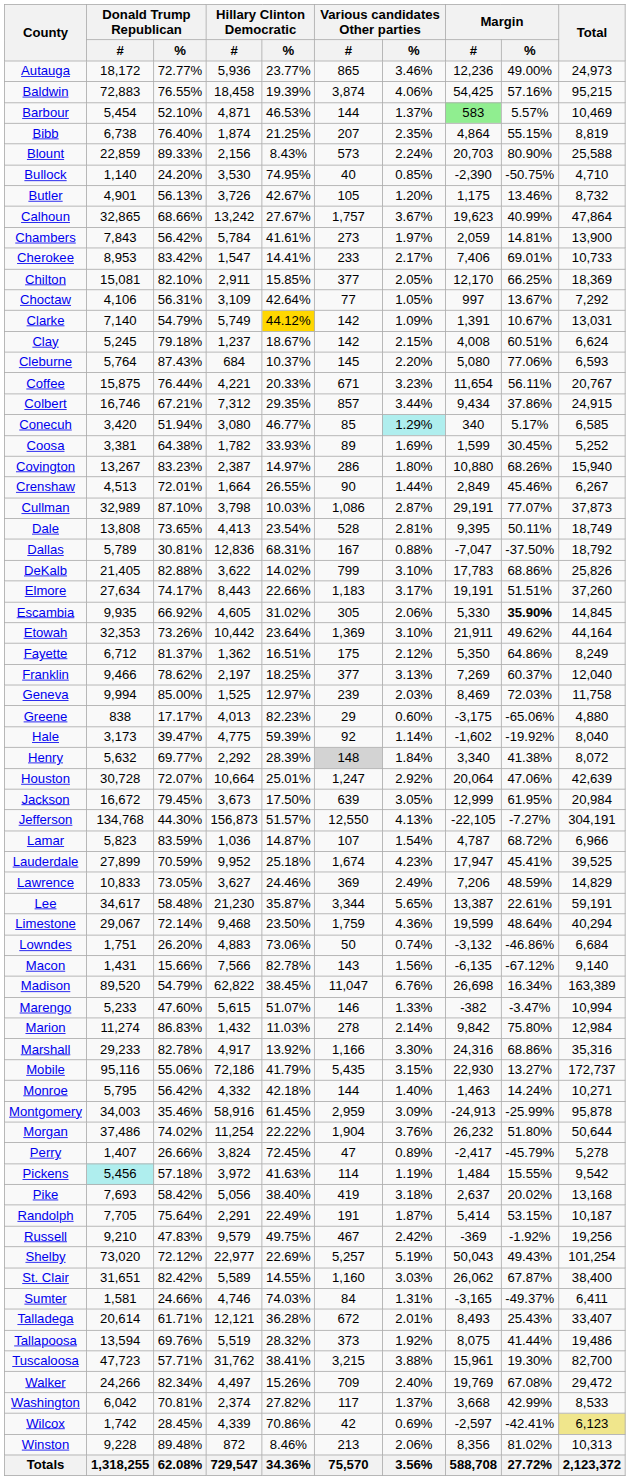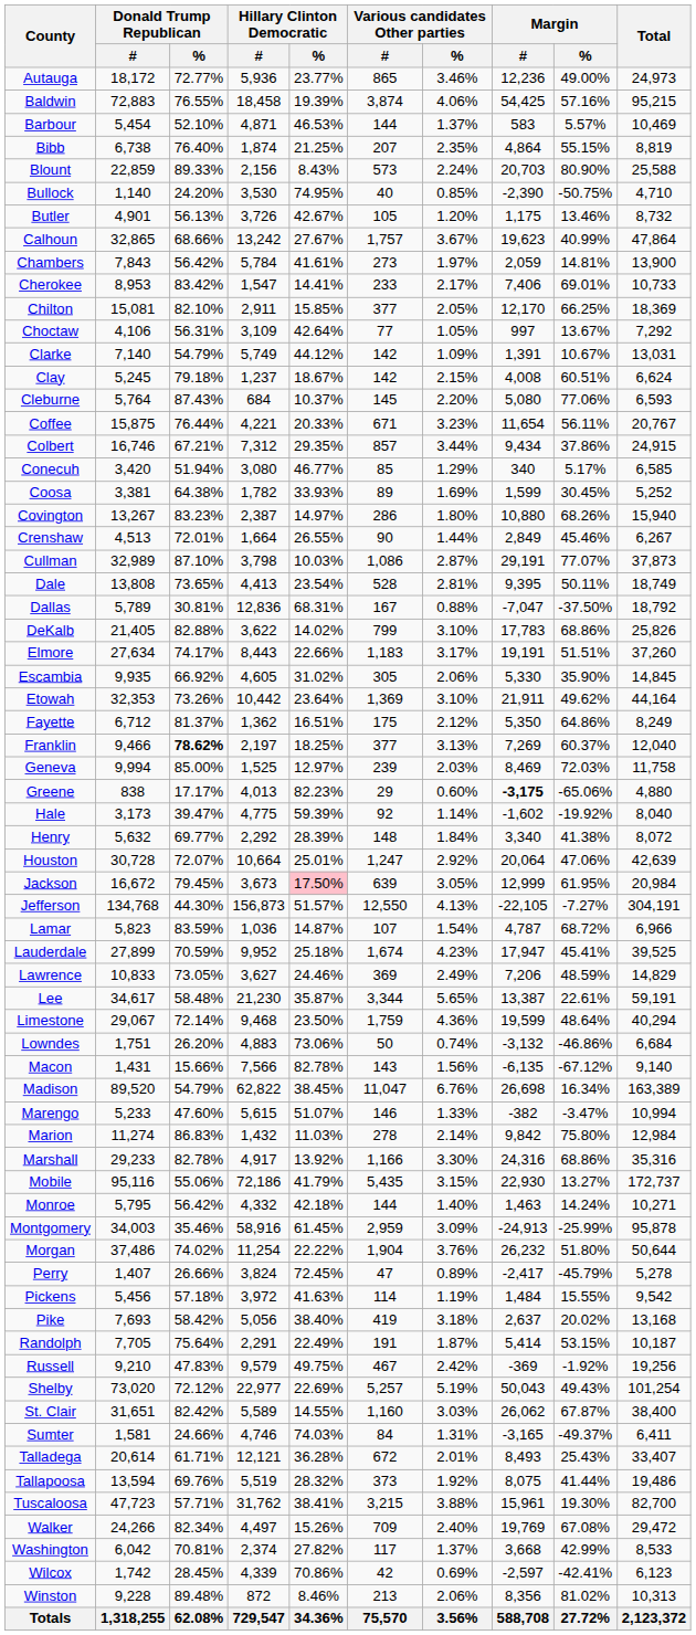 <table width="60%" class="wikitable sortable">
 <tr>
 <th rowspan="2">County</th>
 <th colspan="2">Donald Trump<br>Republican</th>
 <th colspan="2">Hillary Clinton<br>Democratic</th>
 <th colspan="2">Various candidates<br>Other parties</th>
 <th colspan="2">Margin</th>
 <th rowspan="2">Total</th>
 </tr>
 <tr>
 <th style="text-align:center;" data-sort-type="number">#</th>
 <th style="text-align:center;" data-sort-type="number">%</th>
 <th style="text-align:center;" data-sort-type="number">#</th>
 <th style="text-align:center;" data-sort-type="number">%</th>
 <th style="text-align:center;" data-sort-type="number">#</th>
 <th style="text-align:center;" data-sort-type="number">%</th>
 <th style="text-align:center;" data-sort-type="number">#</th>
 <th style="text-align:center;" data-sort-type="number">%</th>
 </tr>
 <tr style="text-align:center;">
 <td><a href='#'>Autauga</a></td>
 <td>18,172</td>
 <td>72.77%</td>
 <td>5,936</td>
 <td>23.77%</td>
 <td>865</td>
 <td>3.46%</td>
 <td>12,236</td>
 <td>49.00%</td>
 <td>24,973</td>
 </tr>
 <tr style="text-align:center;">
 <td><a href='#'>Baldwin</a></td>
 <td>72,883</td>
 <td>76.55%</td>
 <td>18,458</td>
 <td>19.39%</td>
 <td>3,874</td>
 <td>4.06%</td>
 <td>54,425</td>
 <td>57.16%</td>
 <td>95,215</td>
 </tr>
 <tr style="text-align:center;">
 <td><a href='#'>Barbour</a></td>
 <td>5,454</td>
 <td>52.10%</td>
 <td>4,871</td>
 <td>46.53%</td>
 <td>144</td>
 <td>1.37%</td>
-<td style="background: lightgreen;">583</td>
+<td>583</td>
 <td>5.57%</td>
 <td>10,469</td>
 </tr>
 <tr style="text-align:center;">
 <td><a href='#'>Bibb</a></td>
 <td>6,738</td>
 <td>76.40%</td>
 <td>1,874</td>
 <td>21.25%</td>
 <td>207</td>
 <td>2.35%</td>
 <td>4,864</td>
 <td>55.15%</td>
 <td>8,819</td>
 </tr>
 <tr style="text-align:center;">
 <td><a href='#'>Blount</a></td>
 <td>22,859</td>
 <td>89.33%</td>
 <td>2,156</td>
 <td>8.43%</td>
 <td>573</td>
 <td>2.24%</td>
 <td>20,703</td>
 <td>80.90%</td>
 <td>25,588</td>
 </tr>
 <tr style="text-align:center;">
 <td><a href='#'>Bullock</a></td>
 <td>1,140</td>
 <td>24.20%</td>
 <td>3,530</td>
 <td>74.95%</td>
 <td>40</td>
 <td>0.85%</td>
 <td>-2,390</td>
 <td>-50.75%</td>
 <td>4,710</td>
 </tr>
 <tr style="text-align:center;">
 <td><a href='#'>Butler</a></td>
 <td>4,901</td>
 <td>56.13%</td>
 <td>3,726</td>
 <td>42.67%</td>
 <td>105</td>
 <td>1.20%</td>
 <td>1,175</td>
 <td>13.46%</td>
 <td>8,732</td>
 </tr>
 <tr style="text-align:center;">
 <td><a href='#'>Calhoun</a></td>
 <td>32,865</td>
 <td>68.66%</td>
 <td>13,242</td>
 <td>27.67%</td>
 <td>1,757</td>
 <td>3.67%</td>
 <td>19,623</td>
 <td>40.99%</td>
 <td>47,864</td>
 </tr>
 <tr style="text-align:center;">
 <td><a href='#'>Chambers</a></td>
 <td>7,843</td>
 <td>56.42%</td>
 <td>5,784</td>
 <td>41.61%</td>
 <td>273</td>
 <td>1.97%</td>
 <td>2,059</td>
 <td>14.81%</td>
 <td>13,900</td>
 </tr>
 <tr style="text-align:center;">
 <td><a href='#'>Cherokee</a></td>
 <td>8,953</td>
 <td>83.42%</td>
 <td>1,547</td>
 <td>14.41%</td>
 <td>233</td>
 <td>2.17%</td>
 <td>7,406</td>
 <td>69.01%</td>
 <td>10,733</td>
 </tr>
 <tr style="text-align:center;">
 <td><a href='#'>Chilton</a></td>
 <td>15,081</td>
 <td>82.10%</td>
 <td>2,911</td>
 <td>15.85%</td>
 <td>377</td>
 <td>2.05%</td>
 <td>12,170</td>
 <td>66.25%</td>
 <td>18,369</td>
 </tr>
 <tr style="text-align:center;">
 <td><a href='#'>Choctaw</a></td>
 <td>4,106</td>
 <td>56.31%</td>
 <td>3,109</td>
 <td>42.64%</td>
 <td>77</td>
 <td>1.05%</td>
 <td>997</td>
 <td>13.67%</td>
 <td>7,292</td>
 </tr>
 <tr style="text-align:center;">
 <td><a href='#'>Clarke</a></td>
 <td>7,140</td>
 <td>54.79%</td>
 <td>5,749</td>
-<td style="background: gold;">44.12%</td>
+<td>44.12%</td>
 <td>142</td>
 <td>1.09%</td>
 <td>1,391</td>
 <td>10.67%</td>
 <td>13,031</td>
 </tr>
 <tr style="text-align:center;">
 <td><a href='#'>Clay</a></td>
 <td>5,245</td>
 <td>79.18%</td>
 <td>1,237</td>
 <td>18.67%</td>
 <td>142</td>
 <td>2.15%</td>
 <td>4,008</td>
 <td>60.51%</td>
 <td>6,624</td>
 </tr>
 <tr style="text-align:center;">
 <td><a href='#'>Cleburne</a></td>
 <td>5,764</td>
 <td>87.43%</td>
 <td>684</td>
 <td>10.37%</td>
 <td>145</td>
 <td>2.20%</td>
 <td>5,080</td>
 <td>77.06%</td>
 <td>6,593</td>
 </tr>
 <tr style="text-align:center;">
 <td><a href='#'>Coffee</a></td>
 <td>15,875</td>
 <td>76.44%</td>
 <td>4,221</td>
 <td>20.33%</td>
 <td>671</td>
 <td>3.23%</td>
 <td>11,654</td>
 <td>56.11%</td>
 <td>20,767</td>
 </tr>
 <tr style="text-align:center;">
 <td><a href='#'>Colbert</a></td>
 <td>16,746</td>
 <td>67.21%</td>
 <td>7,312</td>
 <td>29.35%</td>
 <td>857</td>
 <td>3.44%</td>
 <td>9,434</td>
 <td>37.86%</td>
 <td>24,915</td>
 </tr>
 <tr style="text-align:center;">
 <td><a href='#'>Conecuh</a></td>
 <td>3,420</td>
 <td>51.94%</td>
 <td>3,080</td>
 <td>46.77%</td>
 <td>85</td>
-<td style="background: paleturquoise;">1.29%</td>
+<td>1.29%</td>
 <td>340</td>
 <td>5.17%</td>
 <td>6,585</td>
 </tr>
 <tr style="text-align:center;">
 <td><a href='#'>Coosa</a></td>
 <td>3,381</td>
 <td>64.38%</td>
 <td>1,782</td>
 <td>33.93%</td>
 <td>89</td>
 <td>1.69%</td>
 <td>1,599</td>
 <td>30.45%</td>
 <td>5,252</td>
 </tr>
 <tr style="text-align:center;">
 <td><a href='#'>Covington</a></td>
 <td>13,267</td>
 <td>83.23%</td>
 <td>2,387</td>
 <td>14.97%</td>
 <td>286</td>
 <td>1.80%</td>
 <td>10,880</td>
 <td>68.26%</td>
 <td>15,940</td>
 </tr>
 <tr style="text-align:center;">
 <td><a href='#'>Crenshaw</a></td>
 <td>4,513</td>
 <td>72.01%</td>
 <td>1,664</td>
 <td>26.55%</td>
 <td>90</td>
 <td>1.44%</td>
 <td>2,849</td>
 <td>45.46%</td>
 <td>6,267</td>
 </tr>
 <tr style="text-align:center;">
 <td><a href='#'>Cullman</a></td>
 <td>32,989</td>
 <td>87.10%</td>
 <td>3,798</td>
 <td>10.03%</td>
 <td>1,086</td>
 <td>2.87%</td>
 <td>29,191</td>
 <td>77.07%</td>
 <td>37,873</td>
 </tr>
 <tr style="text-align:center;">
 <td><a href='#'>Dale</a></td>
 <td>13,808</td>
 <td>73.65%</td>
 <td>4,413</td>
 <td>23.54%</td>
 <td>528</td>
 <td>2.81%</td>
 <td>9,395</td>
 <td>50.11%</td>
 <td>18,749</td>
 </tr>
 <tr style="text-align:center;">
 <td><a href='#'>Dallas</a></td>
 <td>5,789</td>
 <td>30.81%</td>
 <td>12,836</td>
 <td>68.31%</td>
 <td>167</td>
 <td>0.88%</td>
 <td>-7,047</td>
 <td>-37.50%</td>
 <td>18,792</td>
 </tr>
 <tr style="text-align:center;">
 <td><a href='#'>DeKalb</a></td>
 <td>21,405</td>
 <td>82.88%</td>
 <td>3,622</td>
 <td>14.02%</td>
 <td>799</td>
 <td>3.10%</td>
 <td>17,783</td>
 <td>68.86%</td>
 <td>25,826</td>
 </tr>
 <tr style="text-align:center;">
 <td><a href='#'>Elmore</a></td>
 <td>27,634</td>
 <td>74.17%</td>
 <td>8,443</td>
 <td>22.66%</td>
 <td>1,183</td>
 <td>3.17%</td>
 <td>19,191</td>
 <td>51.51%</td>
 <td>37,260</td>
 </tr>
 <tr style="text-align:center;">
 <td><a href='#'>Escambia</a></td>
 <td>9,935</td>
 <td>66.92%</td>
 <td>4,605</td>
 <td>31.02%</td>
 <td>305</td>
 <td>2.06%</td>
 <td>5,330</td>
-<td><strong>35.90%</strong></td>
+<td>35.90%</td>
 <td>14,845</td>
 </tr>
 <tr style="text-align:center;">
 <td><a href='#'>Etowah</a></td>
 <td>32,353</td>
 <td>73.26%</td>
 <td>10,442</td>
 <td>23.64%</td>
 <td>1,369</td>
 <td>3.10%</td>
 <td>21,911</td>
 <td>49.62%</td>
 <td>44,164</td>
 </tr>
 <tr style="text-align:center;">
 <td><a href='#'>Fayette</a></td>
 <td>6,712</td>
 <td>81.37%</td>
 <td>1,362</td>
 <td>16.51%</td>
 <td>175</td>
 <td>2.12%</td>
 <td>5,350</td>
 <td>64.86%</td>
 <td>8,249</td>
 </tr>
 <tr style="text-align:center;">
 <td><a href='#'>Franklin</a></td>
 <td>9,466</td>
-<td>78.62%</td>
+<td><strong>78.62%</strong></td>
 <td>2,197</td>
 <td>18.25%</td>
 <td>377</td>
 <td>3.13%</td>
 <td>7,269</td>
 <td>60.37%</td>
 <td>12,040</td>
 </tr>
 <tr style="text-align:center;">
 <td><a href='#'>Geneva</a></td>
 <td>9,994</td>
 <td>85.00%</td>
 <td>1,525</td>
 <td>12.97%</td>
 <td>239</td>
 <td>2.03%</td>
 <td>8,469</td>
 <td>72.03%</td>
 <td>11,758</td>
 </tr>
 <tr style="text-align:center;">
 <td><a href='#'>Greene</a></td>
 <td>838</td>
 <td>17.17%</td>
 <td>4,013</td>
 <td>82.23%</td>
 <td>29</td>
 <td>0.60%</td>
-<td>-3,175</td>
+<td><strong>-3,175</strong></td>
 <td>-65.06%</td>
 <td>4,880</td>
 </tr>
 <tr style="text-align:center;">
 <td><a href='#'>Hale</a></td>
 <td>3,173</td>
 <td>39.47%</td>
 <td>4,775</td>
 <td>59.39%</td>
 <td>92</td>
 <td>1.14%</td>
 <td>-1,602</td>
 <td>-19.92%</td>
 <td>8,040</td>
 </tr>
 <tr style="text-align:center;">
 <td><a href='#'>Henry</a></td>
 <td>5,632</td>
 <td>69.77%</td>
 <td>2,292</td>
 <td>28.39%</td>
-<td style="background: lightgrey;">148</td>
+<td>148</td>
 <td>1.84%</td>
 <td>3,340</td>
 <td>41.38%</td>
 <td>8,072</td>
 </tr>
 <tr style="text-align:center;">
 <td><a href='#'>Houston</a></td>
 <td>30,728</td>
 <td>72.07%</td>
 <td>10,664</td>
 <td>25.01%</td>
 <td>1,247</td>
 <td>2.92%</td>
 <td>20,064</td>
 <td>47.06%</td>
 <td>42,639</td>
 </tr>
 <tr style="text-align:center;">
 <td><a href='#'>Jackson</a></td>
 <td>16,672</td>
 <td>79.45%</td>
 <td>3,673</td>
-<td>17.50%</td>
+<td style="background: pink;">17.50%</td>
 <td>639</td>
 <td>3.05%</td>
 <td>12,999</td>
 <td>61.95%</td>
 <td>20,984</td>
 </tr>
 <tr style="text-align:center;">
 <td><a href='#'>Jefferson</a></td>
 <td>134,768</td>
 <td>44.30%</td>
 <td>156,873</td>
 <td>51.57%</td>
 <td>12,550</td>
 <td>4.13%</td>
 <td>-22,105</td>
 <td>-7.27%</td>
 <td>304,191</td>
 </tr>
 <tr style="text-align:center;">
 <td><a href='#'>Lamar</a></td>
 <td>5,823</td>
 <td>83.59%</td>
 <td>1,036</td>
 <td>14.87%</td>
 <td>107</td>
 <td>1.54%</td>
 <td>4,787</td>
 <td>68.72%</td>
 <td>6,966</td>
 </tr>
 <tr style="text-align:center;">
 <td><a href='#'>Lauderdale</a></td>
 <td>27,899</td>
 <td>70.59%</td>
 <td>9,952</td>
 <td>25.18%</td>
 <td>1,674</td>
 <td>4.23%</td>
 <td>17,947</td>
 <td>45.41%</td>
 <td>39,525</td>
 </tr>
 <tr style="text-align:center;">
 <td><a href='#'>Lawrence</a></td>
 <td>10,833</td>
 <td>73.05%</td>
 <td>3,627</td>
 <td>24.46%</td>
 <td>369</td>
 <td>2.49%</td>
 <td>7,206</td>
 <td>48.59%</td>
 <td>14,829</td>
 </tr>
 <tr style="text-align:center;">
 <td><a href='#'>Lee</a></td>
 <td>34,617</td>
 <td>58.48%</td>
 <td>21,230</td>
 <td>35.87%</td>
 <td>3,344</td>
 <td>5.65%</td>
 <td>13,387</td>
 <td>22.61%</td>
 <td>59,191</td>
 </tr>
 <tr style="text-align:center;">
 <td><a href='#'>Limestone</a></td>
 <td>29,067</td>
 <td>72.14%</td>
 <td>9,468</td>
 <td>23.50%</td>
 <td>1,759</td>
 <td>4.36%</td>
 <td>19,599</td>
 <td>48.64%</td>
 <td>40,294</td>
 </tr>
 <tr style="text-align:center;">
 <td><a href='#'>Lowndes</a></td>
 <td>1,751</td>
 <td>26.20%</td>
 <td>4,883</td>
 <td>73.06%</td>
 <td>50</td>
 <td>0.74%</td>
 <td>-3,132</td>
 <td>-46.86%</td>
 <td>6,684</td>
 </tr>
 <tr style="text-align:center;">
 <td><a href='#'>Macon</a></td>
 <td>1,431</td>
 <td>15.66%</td>
 <td>7,566</td>
 <td>82.78%</td>
 <td>143</td>
 <td>1.56%</td>
 <td>-6,135</td>
 <td>-67.12%</td>
 <td>9,140</td>
 </tr>
 <tr style="text-align:center;">
 <td><a href='#'>Madison</a></td>
 <td>89,520</td>
 <td>54.79%</td>
 <td>62,822</td>
 <td>38.45%</td>
 <td>11,047</td>
 <td>6.76%</td>
 <td>26,698</td>
 <td>16.34%</td>
 <td>163,389</td>
 </tr>
 <tr style="text-align:center;">
 <td><a href='#'>Marengo</a></td>
 <td>5,233</td>
 <td>47.60%</td>
 <td>5,615</td>
 <td>51.07%</td>
 <td>146</td>
 <td>1.33%</td>
 <td>-382</td>
 <td>-3.47%</td>
 <td>10,994</td>
 </tr>
 <tr style="text-align:center;">
 <td><a href='#'>Marion</a></td>
 <td>11,274</td>
 <td>86.83%</td>
 <td>1,432</td>
 <td>11.03%</td>
 <td>278</td>
 <td>2.14%</td>
 <td>9,842</td>
 <td>75.80%</td>
 <td>12,984</td>
 </tr>
 <tr style="text-align:center;">
 <td><a href='#'>Marshall</a></td>
 <td>29,233</td>
 <td>82.78%</td>
 <td>4,917</td>
 <td>13.92%</td>
 <td>1,166</td>
 <td>3.30%</td>
 <td>24,316</td>
 <td>68.86%</td>
 <td>35,316</td>
 </tr>
 <tr style="text-align:center;">
 <td><a href='#'>Mobile</a></td>
 <td>95,116</td>
 <td>55.06%</td>
 <td>72,186</td>
 <td>41.79%</td>
 <td>5,435</td>
 <td>3.15%</td>
 <td>22,930</td>
 <td>13.27%</td>
 <td>172,737</td>
 </tr>
 <tr style="text-align:center;">
 <td><a href='#'>Monroe</a></td>
 <td>5,795</td>
 <td>56.42%</td>
 <td>4,332</td>
 <td>42.18%</td>
 <td>144</td>
 <td>1.40%</td>
 <td>1,463</td>
 <td>14.24%</td>
 <td>10,271</td>
 </tr>
 <tr style="text-align:center;">
 <td><a href='#'>Montgomery</a></td>
 <td>34,003</td>
 <td>35.46%</td>
 <td>58,916</td>
 <td>61.45%</td>
 <td>2,959</td>
 <td>3.09%</td>
 <td>-24,913</td>
 <td>-25.99%</td>
 <td>95,878</td>
 </tr>
 <tr style="text-align:center;">
 <td><a href='#'>Morgan</a></td>
 <td>37,486</td>
 <td>74.02%</td>
 <td>11,254</td>
 <td>22.22%</td>
 <td>1,904</td>
 <td>3.76%</td>
 <td>26,232</td>
 <td>51.80%</td>
 <td>50,644</td>
 </tr>
 <tr style="text-align:center;">
 <td><a href='#'>Perry</a></td>
 <td>1,407</td>
 <td>26.66%</td>
 <td>3,824</td>
 <td>72.45%</td>
 <td>47</td>
 <td>0.89%</td>
 <td>-2,417</td>
 <td>-45.79%</td>
 <td>5,278</td>
 </tr>
 <tr style="text-align:center;">
 <td><a href='#'>Pickens</a></td>
-<td style="background: paleturquoise;">5,456</td>
+<td>5,456</td>
 <td>57.18%</td>
 <td>3,972</td>
 <td>41.63%</td>
 <td>114</td>
 <td>1.19%</td>
 <td>1,484</td>
 <td>15.55%</td>
 <td>9,542</td>
 </tr>
 <tr style="text-align:center;">
 <td><a href='#'>Pike</a></td>
 <td>7,693</td>
 <td>58.42%</td>
 <td>5,056</td>
 <td>38.40%</td>
 <td>419</td>
 <td>3.18%</td>
 <td>2,637</td>
 <td>20.02%</td>
 <td>13,168</td>
 </tr>
 <tr style="text-align:center;">
 <td><a href='#'>Randolph</a></td>
 <td>7,705</td>
 <td>75.64%</td>
 <td>2,291</td>
 <td>22.49%</td>
 <td>191</td>
 <td>1.87%</td>
 <td>5,414</td>
 <td>53.15%</td>
 <td>10,187</td>
 </tr>
 <tr style="text-align:center;">
 <td><a href='#'>Russell</a></td>
 <td>9,210</td>
 <td>47.83%</td>
 <td>9,579</td>
 <td>49.75%</td>
 <td>467</td>
 <td>2.42%</td>
 <td>-369</td>
 <td>-1.92%</td>
 <td>19,256</td>
 </tr>
 <tr style="text-align:center;">
 <td><a href='#'>Shelby</a></td>
 <td>73,020</td>
 <td>72.12%</td>
 <td>22,977</td>
 <td>22.69%</td>
 <td>5,257</td>
 <td>5.19%</td>
 <td>50,043</td>
 <td>49.43%</td>
 <td>101,254</td>
 </tr>
 <tr style="text-align:center;">
 <td><a href='#'>St. Clair</a></td>
 <td>31,651</td>
 <td>82.42%</td>
 <td>5,589</td>
 <td>14.55%</td>
 <td>1,160</td>
 <td>3.03%</td>
 <td>26,062</td>
 <td>67.87%</td>
 <td>38,400</td>
 </tr>
 <tr style="text-align:center;">
 <td><a href='#'>Sumter</a></td>
 <td>1,581</td>
 <td>24.66%</td>
 <td>4,746</td>
 <td>74.03%</td>
 <td>84</td>
 <td>1.31%</td>
 <td>-3,165</td>
 <td>-49.37%</td>
 <td>6,411</td>
 </tr>
 <tr style="text-align:center;">
 <td><a href='#'>Talladega</a></td>
 <td>20,614</td>
 <td>61.71%</td>
 <td>12,121</td>
 <td>36.28%</td>
 <td>672</td>
 <td>2.01%</td>
 <td>8,493</td>
 <td>25.43%</td>
 <td>33,407</td>
 </tr>
 <tr style="text-align:center;">
 <td><a href='#'>Tallapoosa</a></td>
 <td>13,594</td>
 <td>69.76%</td>
 <td>5,519</td>
 <td>28.32%</td>
 <td>373</td>
 <td>1.92%</td>
 <td>8,075</td>
 <td>41.44%</td>
 <td>19,486</td>
 </tr>
 <tr style="text-align:center;">
 <td><a href='#'>Tuscaloosa</a></td>
 <td>47,723</td>
 <td>57.71%</td>
 <td>31,762</td>
 <td>38.41%</td>
 <td>3,215</td>
 <td>3.88%</td>
 <td>15,961</td>
 <td>19.30%</td>
 <td>82,700</td>
 </tr>
 <tr style="text-align:center;">
 <td><a href='#'>Walker</a></td>
 <td>24,266</td>
 <td>82.34%</td>
 <td>4,497</td>
 <td>15.26%</td>
 <td>709</td>
 <td>2.40%</td>
 <td>19,769</td>
 <td>67.08%</td>
 <td>29,472</td>
 </tr>
 <tr style="text-align:center;">
 <td><a href='#'>Washington</a></td>
 <td>6,042</td>
 <td>70.81%</td>
 <td>2,374</td>
 <td>27.82%</td>
 <td>117</td>
 <td>1.37%</td>
 <td>3,668</td>
 <td>42.99%</td>
 <td>8,533</td>
 </tr>
 <tr style="text-align:center;">
 <td><a href='#'>Wilcox</a></td>
 <td>1,742</td>
 <td>28.45%</td>
 <td>4,339</td>
 <td>70.86%</td>
 <td>42</td>
 <td>0.69%</td>
 <td>-2,597</td>
 <td>-42.41%</td>
-<td style="background: khaki;">6,123</td>
+<td>6,123</td>
 </tr>
 <tr style="text-align:center;">
 <td><a href='#'>Winston</a></td>
 <td>9,228</td>
 <td>89.48%</td>
 <td>872</td>
 <td>8.46%</td>
 <td>213</td>
 <td>2.06%</td>
 <td>8,356</td>
 <td>81.02%</td>
 <td>10,313</td>
 </tr>
 <tr>
 <th>Totals</th>
 <th>1,318,255</th>
 <th>62.08%</th>
 <th>729,547</th>
 <th>34.36%</th>
 <th>75,570</th>
 <th>3.56%</th>
 <th>588,708</th>
 <th>27.72%</th>
 <th>2,123,372</th>
 </tr>
 </table>
